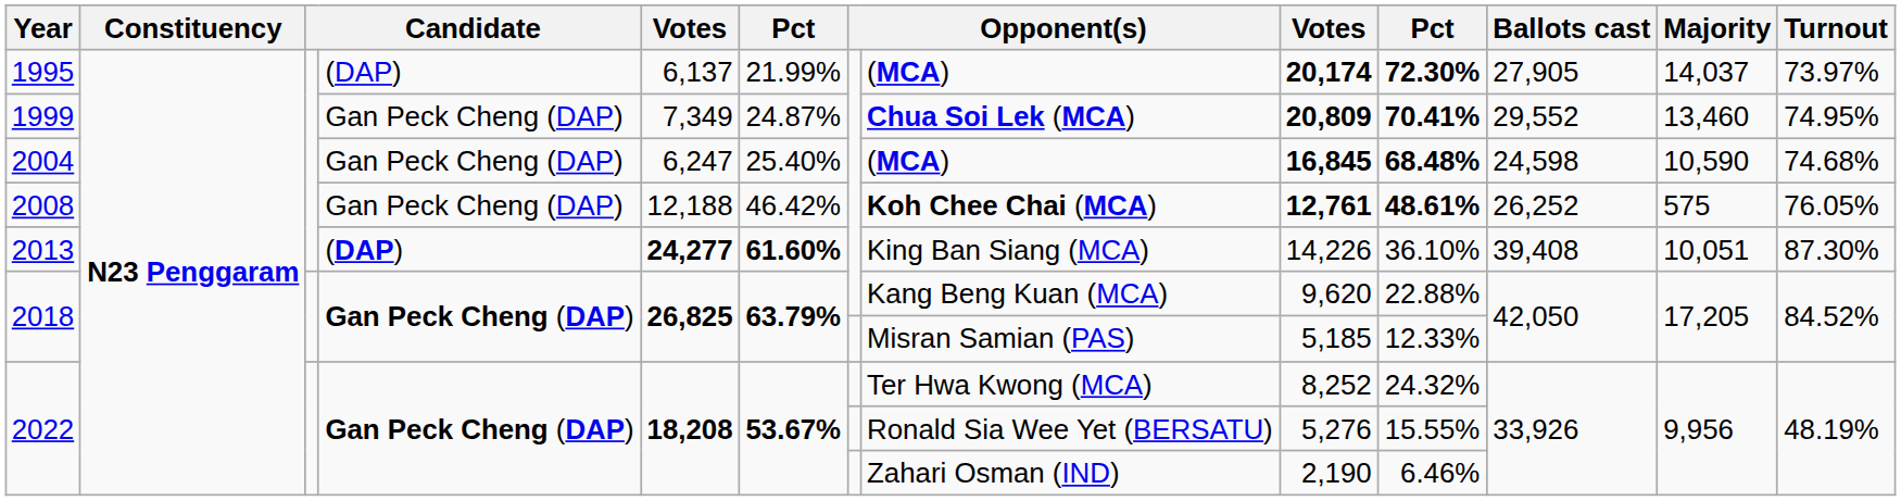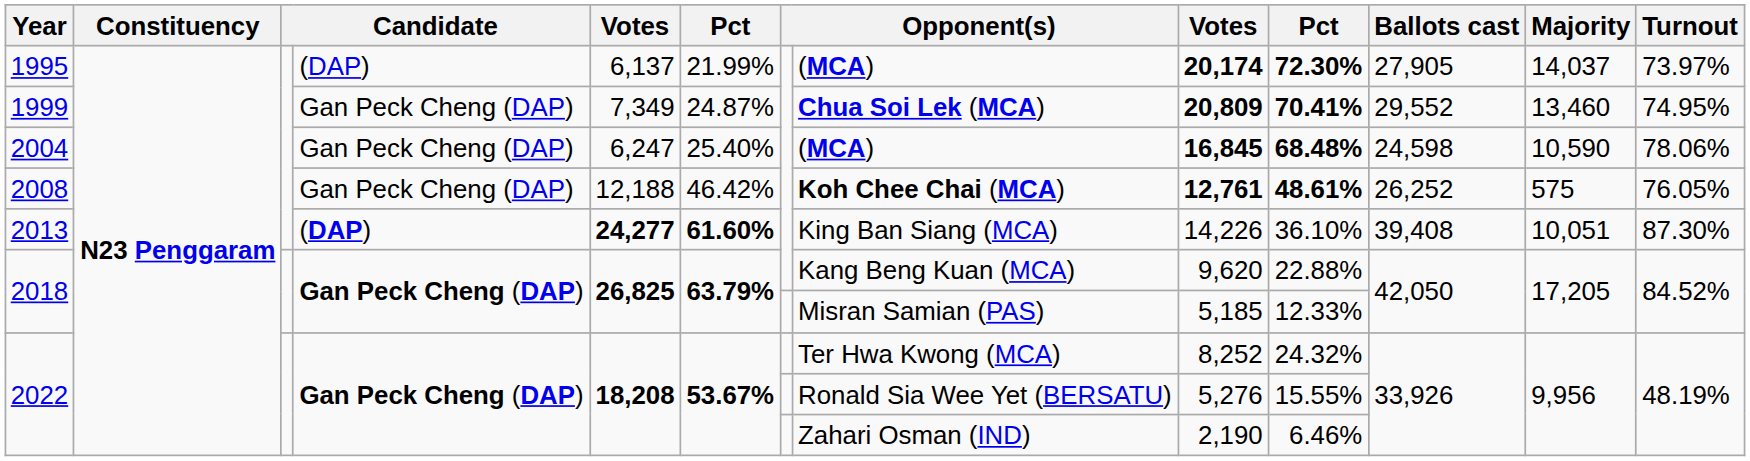 <table class="wikitable" style="margin:0.5em ; font-size:95%">
 <tr>
 <th>Year</th>
 <th>Constituency</th>
 <th colspan=2>Candidate</th>
 <th>Votes</th>
 <th>Pct</th>
 <th colspan=2>Opponent(s)</th>
 <th>Votes</th>
 <th>Pct</th>
 <th>Ballots cast</th>
 <th>Majority</th>
 <th>Turnout</th>
 </tr>
 <tr>
 <td><a href='#'>1995</a></td>
 <td rowspan=10><strong>N23 <a href='#'>Penggaram</a></strong></td>
 <td rowspan="5" ></td>
 <td> (<a href='#'>DAP</a>)</td>
 <td align="right">6,137</td>
 <td>21.99%</td>
 <td rowspan="6" ></td>
 <td> (<a href='#'><strong>MCA</strong></a>)</td>
 <td align="right"><strong>20,174</strong></td>
 <td><strong>72.30%</strong></td>
 <td>27,905</td>
 <td>14,037</td>
 <td>73.97%</td>
 </tr>
 <tr>
 <td><a href='#'>1999</a></td>
 <td>Gan Peck Cheng (<a href='#'>DAP</a>)</td>
 <td align="right">7,349</td>
 <td>24.87%</td>
 <td><strong><a href='#'>Chua Soi Lek</a></strong> (<a href='#'><strong>MCA</strong></a>)</td>
 <td align="right"><strong>20,809</strong></td>
 <td><strong>70.41%</strong></td>
 <td>29,552</td>
 <td>13,460</td>
 <td>74.95%</td>
 </tr>
 <tr>
 <td><a href='#'>2004</a></td>
 <td>Gan Peck Cheng (<a href='#'>DAP</a>)</td>
 <td align="right">6,247</td>
 <td>25.40%</td>
 <td> (<a href='#'><strong>MCA</strong></a>)</td>
 <td align="right"><strong>16,845</strong></td>
 <td><strong>68.48%</strong></td>
 <td>24,598</td>
 <td>10,590</td>
-<td>74.68%</td>
+<td>78.06%</td>
 </tr>
 <tr>
 <td><a href='#'>2008</a></td>
 <td>Gan Peck Cheng (<a href='#'>DAP</a>)</td>
 <td align="right">12,188</td>
 <td>46.42%</td>
 <td><strong>Koh Chee Chai</strong> (<a href='#'><strong>MCA</strong></a>)</td>
 <td align="right"><strong>12,761</strong></td>
 <td><strong>48.61%</strong></td>
 <td>26,252</td>
 <td>575</td>
 <td>76.05%</td>
 </tr>
 <tr>
 <td><a href='#'>2013</a></td>
 <td> (<a href='#'><strong>DAP</strong></a>)</td>
 <td align="right"><strong>24,277</strong></td>
 <td><strong>61.60%</strong></td>
 <td>King Ban Siang (<a href='#'>MCA</a>)</td>
 <td align="right">14,226</td>
 <td>36.10%</td>
 <td>39,408</td>
 <td>10,051</td>
 <td>87.30%</td>
 </tr>
 <tr>
 <td rowspan="2"><a href='#'>2018</a></td>
 <td rowspan="2" ></td>
 <td rowspan="2"><strong>Gan Peck Cheng</strong> (<a href='#'><strong>DAP</strong></a>)</td>
 <td rowspan="2" align=right><strong>26,825</strong></td>
 <td rowspan="2"><strong>63.79%</strong></td>
 <td>Kang Beng Kuan (<a href='#'>MCA</a>)</td>
 <td align=right>9,620</td>
 <td>22.88%</td>
 <td rowspan="2">42,050</td>
 <td rowspan="2">17,205</td>
 <td rowspan="2">84.52%</td>
 </tr>
 <tr>
 <td></td>
 <td>Misran Samian (<a href='#'>PAS</a>)</td>
 <td align=right>5,185</td>
 <td>12.33%</td>
 </tr>
 <tr>
 <td rowspan="3"><a href='#'>2022</a></td>
 <td rowspan="3" ></td>
 <td rowspan="3"><strong>Gan Peck Cheng</strong> (<a href='#'><strong>DAP</strong></a>)</td>
 <td rowspan="3" align=right><strong>18,208</strong></td>
 <td rowspan="3"><strong>53.67%</strong></td>
 <td></td>
 <td>Ter Hwa Kwong (<a href='#'>MCA</a>)</td>
 <td align=right>8,252</td>
 <td>24.32%</td>
 <td rowspan="3">33,926</td>
 <td rowspan="3">9,956</td>
 <td rowspan="3">48.19%</td>
 </tr>
 <tr>
 <td></td>
 <td>Ronald Sia Wee Yet (<a href='#'>BERSATU</a>)</td>
 <td align=right>5,276</td>
 <td>15.55%</td>
 </tr>
 <tr>
 <td></td>
 <td>Zahari Osman (<a href='#'>IND</a>)</td>
 <td align=right>2,190</td>
 <td align=right>6.46%</td>
 </tr>
 </table>
